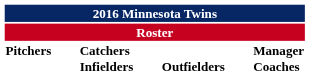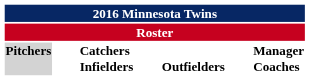 <table class="toccolours" style="font-size: 95%;">
 <tr>
 <th colspan="10" style="background:#072764; color:#fff; text-align:center;">2016 Minnesota Twins</th>
 </tr>
 <tr>
 <td colspan="10" style="background:#c6011f; color:white; text-align:center;"><strong>Roster</strong></td>
 </tr>
 <tr>
-<td valign="top"><strong>Pitchers</strong><br>                           </td>
+<td valign="top" style="background: lightgrey;"><strong>Pitchers</strong><br>                           </td>
 <td style="width:25px;"></td>
 <td valign="top"><strong>Catchers</strong><br>   <strong>Infielders</strong>          </td>
 <td style="width:25px;"></td>
 <td valign="top"><br><strong>Outfielders</strong>        </td>
 <td style="width:25px;"></td>
 <td valign="top"><strong>Manager</strong><br> <strong>Coaches</strong>                    </td>
 </tr>
 </table>
